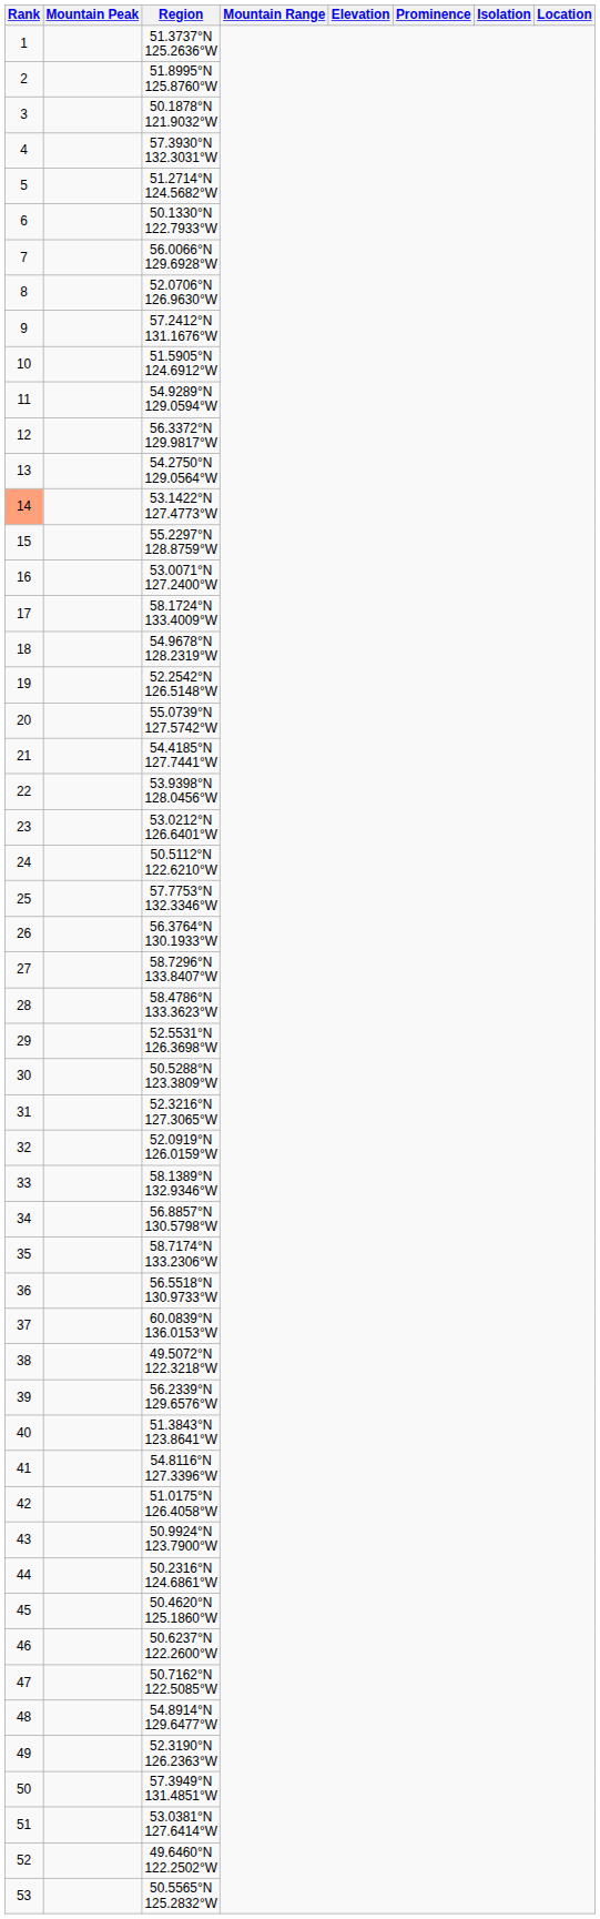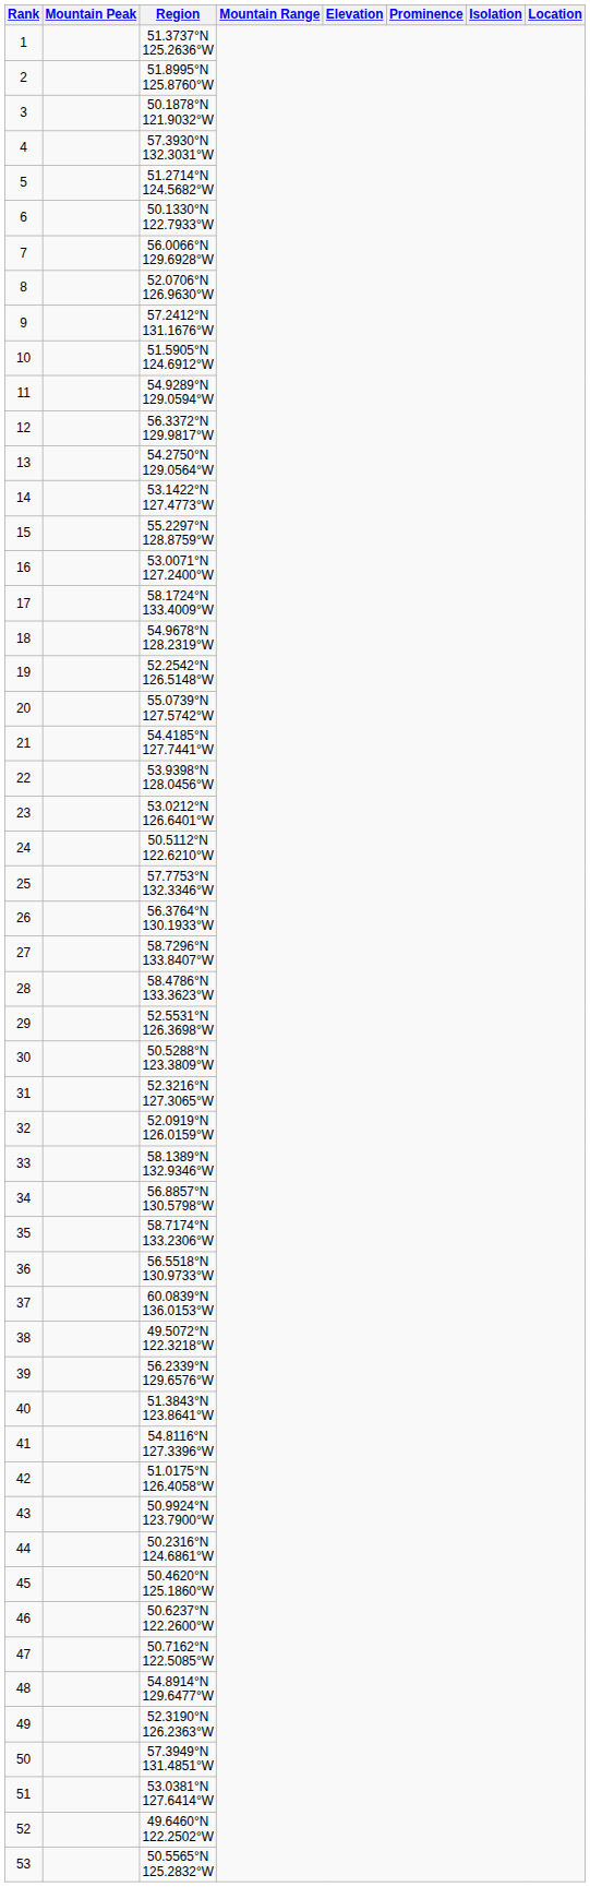 <table class="wikitable sortable">
 <tr>
 <th><a href='#'>Rank</a></th>
 <th><a href='#'>Mountain Peak</a></th>
 <th><a href='#'>Region</a></th>
 <th><a href='#'>Mountain Range</a></th>
 <th><a href='#'>Elevation</a></th>
 <th><a href='#'>Prominence</a></th>
 <th><a href='#'>Isolation</a></th>
 <th><a href='#'>Location</a></th>
 </tr>
 <tr>
 <td align=center>1<br></td>
 <td><br> </td>
 <td align=center>51.3737°N<br>125.2636°W</td>
 </tr>
 <tr>
 <td align=center>2<br></td>
 <td><br> </td>
 <td align=center>51.8995°N<br>125.8760°W</td>
 </tr>
 <tr>
 <td align=center>3<br></td>
 <td><br> </td>
 <td align=center>50.1878°N<br>121.9032°W</td>
 </tr>
 <tr>
 <td align=center>4<br></td>
 <td><br> </td>
 <td align=center>57.3930°N<br>132.3031°W</td>
 </tr>
 <tr>
 <td align=center>5<br></td>
 <td><br> </td>
 <td align=center>51.2714°N<br>124.5682°W</td>
 </tr>
 <tr>
 <td align=center>6<br></td>
 <td><br> </td>
 <td align=center>50.1330°N<br>122.7933°W</td>
 </tr>
 <tr>
 <td align=center>7<br></td>
 <td><br> </td>
 <td align=center>56.0066°N<br>129.6928°W</td>
 </tr>
 <tr>
 <td align=center>8<br></td>
 <td><br> </td>
 <td align=center>52.0706°N<br>126.9630°W</td>
 </tr>
 <tr>
 <td align=center>9<br></td>
 <td><br> </td>
 <td align=center>57.2412°N<br>131.1676°W</td>
 </tr>
 <tr>
 <td align=center>10<br></td>
 <td><br> </td>
 <td align=center>51.5905°N<br>124.6912°W</td>
 </tr>
 <tr>
 <td align=center>11<br></td>
 <td><br> </td>
 <td align=center>54.9289°N<br>129.0594°W</td>
 </tr>
 <tr>
 <td align=center>12<br></td>
 <td><br> </td>
 <td align=center>56.3372°N<br>129.9817°W</td>
 </tr>
 <tr>
 <td align=center>13<br></td>
 <td><br> </td>
 <td align=center>54.2750°N<br>129.0564°W</td>
 </tr>
 <tr>
-<td align=center style="background: lightsalmon;">14<br></td>
+<td align=center>14<br></td>
 <td><br> </td>
 <td align=center>53.1422°N<br>127.4773°W</td>
 </tr>
 <tr>
 <td align=center>15<br></td>
 <td><br> </td>
 <td align=center>55.2297°N<br>128.8759°W</td>
 </tr>
 <tr>
 <td align=center>16<br></td>
 <td><br> </td>
 <td align=center>53.0071°N<br>127.2400°W</td>
 </tr>
 <tr>
 <td align=center>17<br></td>
 <td><br> </td>
 <td align=center>58.1724°N<br>133.4009°W</td>
 </tr>
 <tr>
 <td align=center>18<br></td>
 <td><br> </td>
 <td align=center>54.9678°N<br>128.2319°W</td>
 </tr>
 <tr>
 <td align=center>19<br></td>
 <td><br> </td>
 <td align=center>52.2542°N<br>126.5148°W</td>
 </tr>
 <tr>
 <td align=center>20<br></td>
 <td><br> </td>
 <td align=center>55.0739°N<br>127.5742°W</td>
 </tr>
 <tr>
 <td align=center>21<br></td>
 <td><br> </td>
 <td align=center>54.4185°N<br>127.7441°W</td>
 </tr>
 <tr>
 <td align=center>22<br></td>
 <td><br> </td>
 <td align=center>53.9398°N<br>128.0456°W</td>
 </tr>
 <tr>
 <td align=center>23<br></td>
 <td><br> </td>
 <td align=center>53.0212°N<br>126.6401°W</td>
 </tr>
 <tr>
 <td align=center>24<br></td>
 <td><br> </td>
 <td align=center>50.5112°N<br>122.6210°W</td>
 </tr>
 <tr>
 <td align=center>25<br></td>
 <td><br> </td>
 <td align=center>57.7753°N<br>132.3346°W</td>
 </tr>
 <tr>
 <td align=center>26<br></td>
 <td><br> </td>
 <td align=center>56.3764°N<br>130.1933°W</td>
 </tr>
 <tr>
 <td align=center>27<br></td>
 <td><br><br> </td>
 <td align=center>58.7296°N<br>133.8407°W</td>
 </tr>
 <tr>
 <td align=center>28<br></td>
 <td><br> </td>
 <td align=center>58.4786°N<br>133.3623°W</td>
 </tr>
 <tr>
 <td align=center>29<br></td>
 <td><br> </td>
 <td align=center>52.5531°N<br>126.3698°W</td>
 </tr>
 <tr>
 <td align=center>30<br></td>
 <td><br> </td>
 <td align=center>50.5288°N<br>123.3809°W</td>
 </tr>
 <tr>
 <td align=center>31<br></td>
 <td><br> </td>
 <td align=center>52.3216°N<br>127.3065°W</td>
 </tr>
 <tr>
 <td align=center>32<br></td>
 <td><br> </td>
 <td align=center>52.0919°N<br>126.0159°W</td>
 </tr>
 <tr>
 <td align=center>33<br></td>
 <td><br> </td>
 <td align=center>58.1389°N<br>132.9346°W</td>
 </tr>
 <tr>
 <td align=center>34<br></td>
 <td><br> </td>
 <td align=center>56.8857°N<br>130.5798°W</td>
 </tr>
 <tr>
 <td align=center>35<br></td>
 <td><br> </td>
 <td align=center>58.7174°N<br>133.2306°W</td>
 </tr>
 <tr>
 <td align=center>36<br></td>
 <td><br> </td>
 <td align=center>56.5518°N<br>130.9733°W</td>
 </tr>
 <tr>
 <td align=center>37<br></td>
 <td><br> </td>
 <td align=center>60.0839°N<br>136.0153°W</td>
 </tr>
 <tr>
 <td align=center>38<br></td>
 <td><br> </td>
 <td align=center>49.5072°N<br>122.3218°W</td>
 </tr>
 <tr>
 <td align=center>39<br></td>
 <td><br> </td>
 <td align=center>56.2339°N<br>129.6576°W</td>
 </tr>
 <tr>
 <td align=center>40<br></td>
 <td><br> </td>
 <td align=center>51.3843°N<br>123.8641°W</td>
 </tr>
 <tr>
 <td align=center>41<br></td>
 <td><br> </td>
 <td align=center>54.8116°N<br>127.3396°W</td>
 </tr>
 <tr>
 <td align=center>42<br></td>
 <td><br> </td>
 <td align=center>51.0175°N<br>126.4058°W</td>
 </tr>
 <tr>
 <td align=center>43<br></td>
 <td><br> </td>
 <td align=center>50.9924°N<br>123.7900°W</td>
 </tr>
 <tr>
 <td align=center>44<br></td>
 <td><br> </td>
 <td align=center>50.2316°N<br>124.6861°W</td>
 </tr>
 <tr>
 <td align=center>45<br></td>
 <td><br> </td>
 <td align=center>50.4620°N<br>125.1860°W</td>
 </tr>
 <tr>
 <td align=center>46<br></td>
 <td><br> </td>
 <td align=center>50.6237°N<br>122.2600°W</td>
 </tr>
 <tr>
 <td align=center>47<br></td>
 <td><br> </td>
 <td align=center>50.7162°N<br>122.5085°W</td>
 </tr>
 <tr>
 <td align=center>48<br></td>
 <td><br> </td>
 <td align=center>54.8914°N<br>129.6477°W</td>
 </tr>
 <tr>
 <td align=center>49<br></td>
 <td><br> </td>
 <td align=center>52.3190°N<br>126.2363°W</td>
 </tr>
 <tr>
 <td align=center>50<br></td>
 <td><br> </td>
 <td align=center>57.3949°N<br>131.4851°W</td>
 </tr>
 <tr>
 <td align=center>51<br></td>
 <td><br> </td>
 <td align=center>53.0381°N<br>127.6414°W</td>
 </tr>
 <tr>
 <td align=center>52<br></td>
 <td><br> </td>
 <td align=center>49.6460°N<br>122.2502°W</td>
 </tr>
 <tr>
 <td align=center>53<br></td>
 <td><br> </td>
 <td align=center>50.5565°N<br>125.2832°W</td>
 </tr>
 </table>
